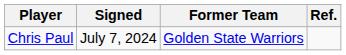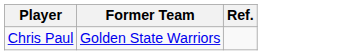 <table class="wikitable sortable sortable" style="text-align: center">
 <tr>
 <th>Player</th>
-<th>Signed</th>
 <th>Former Team</th>
 <th>Ref.</th>
 </tr>
 <tr>
 <td><a href='#'>Chris Paul</a></td>
-<td>July 7, 2024</td>
 <td><a href='#'>Golden State Warriors</a></td>
 <td></td>
 </tr>
 </table>
